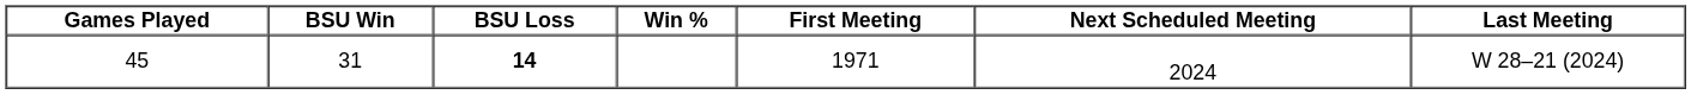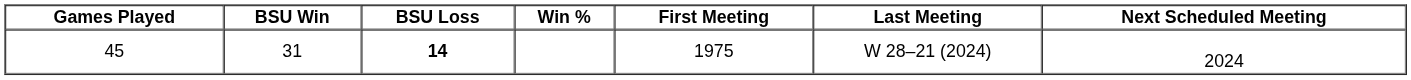 <table cellpadding="1" border="1" cellspacing="0" style="width:100%;">
 <tr>
 <th>Games Played</th>
 <th>BSU Win</th>
 <th>BSU Loss</th>
 <th>Win %</th>
 <th>First Meeting</th>
+<th>Last Meeting</th>
 <th>Next Scheduled Meeting</th>
-<th>Last Meeting</th>
 </tr>
 <tr style="text-align:center;">
 <td>45</td>
 <td>31</td>
 <td><strong>14</strong></td>
 <td></td>
-<td>1971</td>
+<td>1975</td>
+<td>W 28–21 (2024)</td>
 <td><br>2024</td>
-<td>W 28–21 (2024)</td>
 </tr>
 </table>
